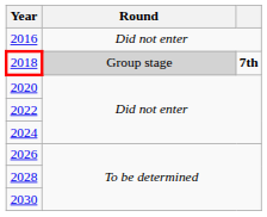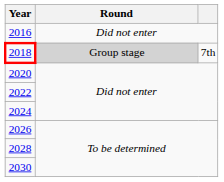 <table class="wikitable" style="text-align: center; font-size:90%">
 <tr>
 <th>Year</th>
 <th style="width:200px">Round</th>
 <th></th>
 </tr>
 <tr>
 <td><a href='#'>2016</a></td>
 <td colspan="2"><em>Did not enter</em></td>
 </tr>
 <tr>
 <td style="border: 3px solid red"><a href='#'>2018</a></td>
 <td style="background: lightgrey;">Group stage</td>
-<td><strong>7th</strong></td>
+<td>7th</td>
 </tr>
 <tr>
 <td><a href='#'>2020</a></td>
 <td colspan="2" rowspan="3"><em>Did not enter</em></td>
 </tr>
 <tr>
 <td><a href='#'>2022</a></td>
 </tr>
 <tr>
 <td><a href='#'>2024</a></td>
 </tr>
 <tr>
 <td><a href='#'>2026</a></td>
 <td colspan="2" rowspan="3"><em>To be determined</em></td>
 </tr>
 <tr>
 <td><a href='#'>2028</a></td>
 </tr>
 <tr>
 <td><a href='#'>2030</a></td>
 </tr>
 </table>
